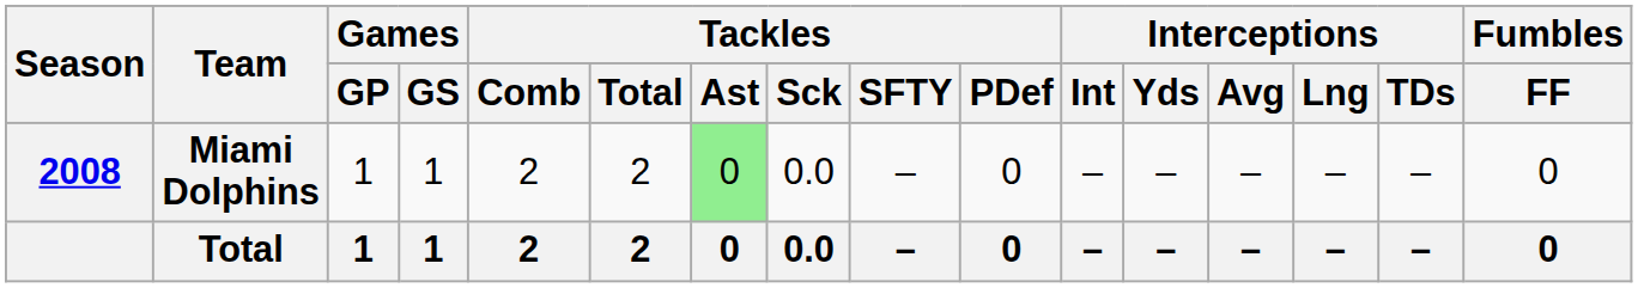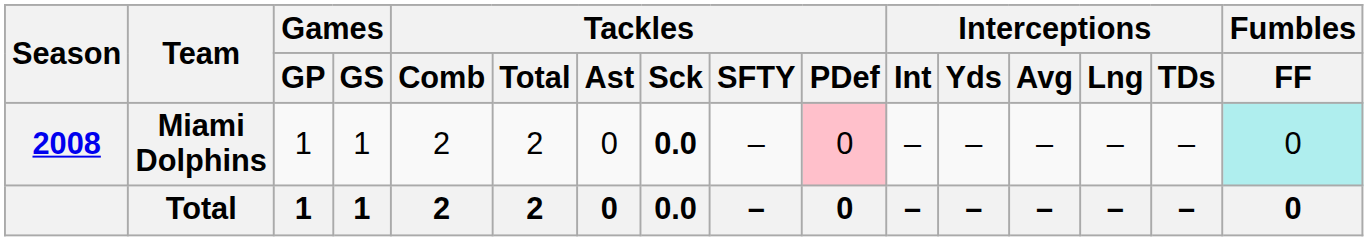 <table class=wikitable style="text-align:center;">
 <tr>
 <th rowspan=2>Season</th>
 <th rowspan=2>Team</th>
 <th colspan=2>Games</th>
 <th colspan=6>Tackles</th>
 <th colspan=5>Interceptions</th>
 <th colspan=1>Fumbles</th>
 </tr>
 <tr>
 <th>GP</th>
 <th>GS</th>
 <th>Comb</th>
 <th>Total</th>
 <th>Ast</th>
 <th>Sck</th>
 <th>SFTY</th>
 <th>PDef</th>
 <th>Int</th>
 <th>Yds</th>
 <th>Avg</th>
 <th>Lng</th>
 <th>TDs</th>
 <th>FF</th>
 </tr>
 <tr>
 <th><a href='#'>2008</a></th>
 <th>Miami Dolphins</th>
 <td>1</td>
 <td>1</td>
 <td>2</td>
 <td>2</td>
-<td style="background: lightgreen;">0</td>
-<td>0.0</td>
+<td>0</td>
+<td><strong>0.0</strong></td>
 <td>–</td>
-<td>0</td>
+<td style="background: pink;">0</td>
 <td>–</td>
 <td>–</td>
 <td>–</td>
 <td>–</td>
 <td>–</td>
-<td>0</td>
+<td style="background: paleturquoise;">0</td>
 </tr>
 <tr>
 <th></th>
 <th>Total</th>
 <th>1</th>
 <th>1</th>
 <th>2</th>
 <th>2</th>
 <th>0</th>
 <th>0.0</th>
 <th>–</th>
 <th>0</th>
 <th>–</th>
 <th>–</th>
 <th>–</th>
 <th>–</th>
 <th>–</th>
 <th>0</th>
 </tr>
 </table>
